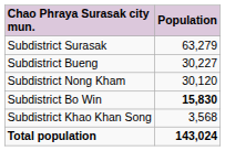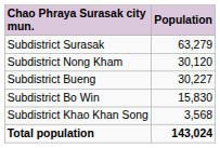 <table class="wikitable" style="width:48%; display:inline-table;">
 <tr>
 <td style= "background: #dcc8dc;"><strong>Chao Phraya Surasak city mun.</strong></td>
 <td style= "background: #dcc8dc; text-align:center;"><strong>Population</strong></td>
 </tr>
 <tr>
 <td>Subdistrict Surasak</td>
 <td style="text-align:right;">63,279</td>
 </tr>
 <tr>
+<td>Subdistrict Nong Kham</td>
+<td style="text-align:right;">30,120</td>
+</tr>
+<tr>
 <td>Subdistrict Bueng</td>
 <td style="text-align:right;">30,227</td>
 </tr>
 <tr>
-<td>Subdistrict Nong Kham</td>
-<td style="text-align:right;">30,120</td>
-</tr>
-<tr>
 <td>Subdistrict Bo Win</td>
-<td style="text-align:right;"><strong>15,830</strong></td>
+<td style="text-align:right;">15,830</td>
 </tr>
 <tr>
 <td>Subdistrict Khao Khan Song</td>
 <td style="text-align:right;">3,568</td>
 </tr>
 <tr>
 <td><strong>Total population</strong></td>
 <td style="text-align:right;"><strong>143,024</strong></td>
 </tr>
 </table>
